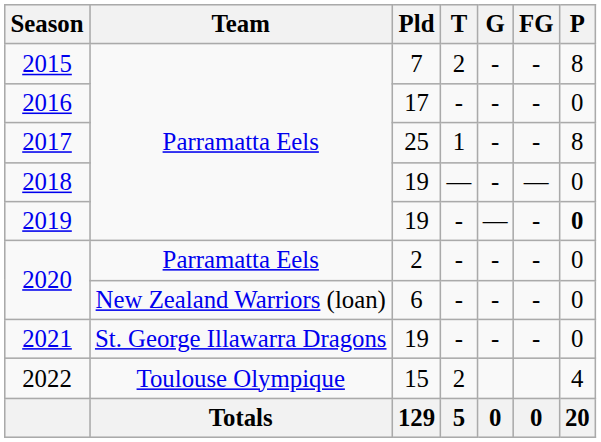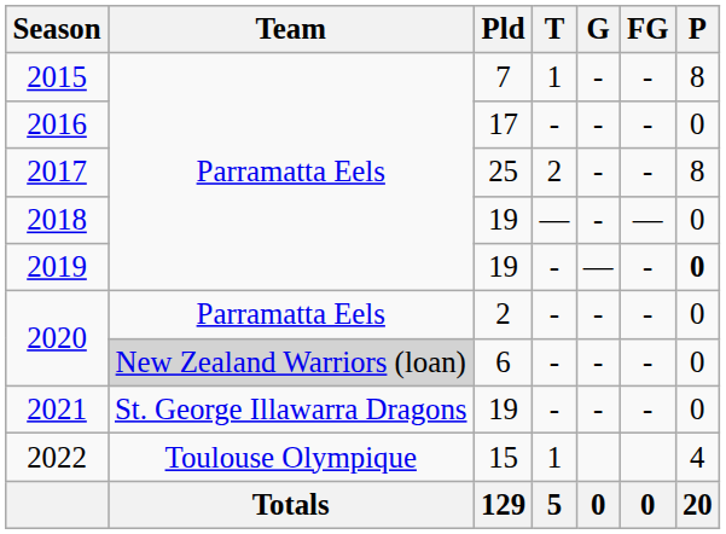 <table class="wikitable" style="border-collapse:collapse;text-align:center">
 <tr>
 <th>Season</th>
 <th>Team</th>
 <th>Pld</th>
 <th>T</th>
 <th>G</th>
 <th>FG</th>
 <th>P</th>
 </tr>
 <tr>
 <td><a href='#'>2015</a></td>
 <td rowspan="5"> <a href='#'>Parramatta Eels</a></td>
 <td>7</td>
-<td>2</td>
+<td>1</td>
 <td>-</td>
 <td>-</td>
 <td>8</td>
 </tr>
 <tr>
 <td><a href='#'>2016</a></td>
 <td>17</td>
 <td>-</td>
 <td>-</td>
 <td>-</td>
 <td>0</td>
 </tr>
 <tr>
 <td><a href='#'>2017</a></td>
 <td>25</td>
-<td>1</td>
+<td>2</td>
 <td>-</td>
 <td>-</td>
 <td>8</td>
 </tr>
 <tr>
 <td><a href='#'>2018</a></td>
 <td>19</td>
 <td>—</td>
 <td>-</td>
 <td>—</td>
 <td>0</td>
 </tr>
 <tr>
 <td><a href='#'>2019</a></td>
 <td>19</td>
 <td>-</td>
 <td>—</td>
 <td>-</td>
 <td><strong>0</strong></td>
 </tr>
 <tr>
 <td rowspan="2"><a href='#'>2020</a></td>
 <td> <a href='#'>Parramatta Eels</a></td>
 <td>2</td>
 <td>-</td>
 <td>-</td>
 <td>-</td>
 <td>0</td>
 </tr>
 <tr>
-<td rowspan="1"> <a href='#'>New Zealand Warriors</a> (loan)</td>
+<td rowspan="1" style="background: lightgrey;"> <a href='#'>New Zealand Warriors</a> (loan)</td>
 <td>6</td>
 <td>-</td>
 <td>-</td>
 <td>-</td>
 <td>0</td>
 </tr>
 <tr>
 <td><a href='#'>2021</a></td>
 <td rowspan="1”"> <a href='#'>St. George Illawarra Dragons</a></td>
 <td>19</td>
 <td>-</td>
 <td>-</td>
 <td>-</td>
 <td>0</td>
 </tr>
 <tr>
 <td>2022</td>
 <td> <a href='#'>Toulouse Olympique</a></td>
 <td>15</td>
-<td>2</td>
+<td>1</td>
 <td></td>
 <td></td>
 <td>4</td>
 </tr>
 <tr>
 <th></th>
 <th>Totals</th>
 <th>129</th>
 <th>5</th>
 <th>0</th>
 <th>0</th>
 <th>20</th>
 </tr>
 </table>
